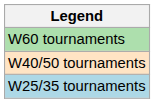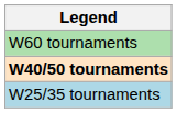 <table class=wikitable style="font-size:85%">
 <tr>
 <th>Legend</th>
 </tr>
 <tr style="background:#addfad;">
 <td>W60 tournaments</td>
 </tr>
 <tr style="background:#ffe4c4;">
-<td>W40/50 tournaments</td>
+<td><strong>W40/50 tournaments</strong></td>
 </tr>
 <tr style="background:lightblue;">
 <td>W25/35 tournaments</td>
 </tr>
 </table>
